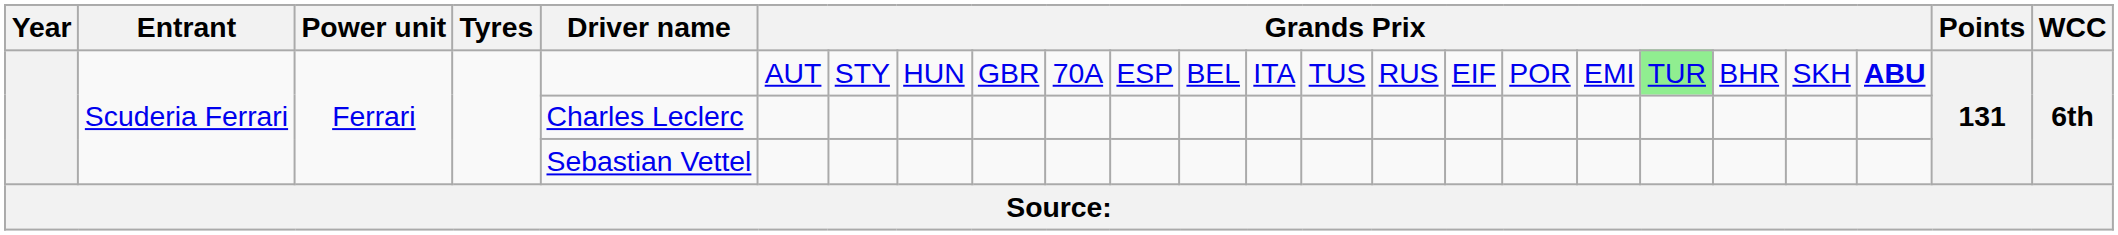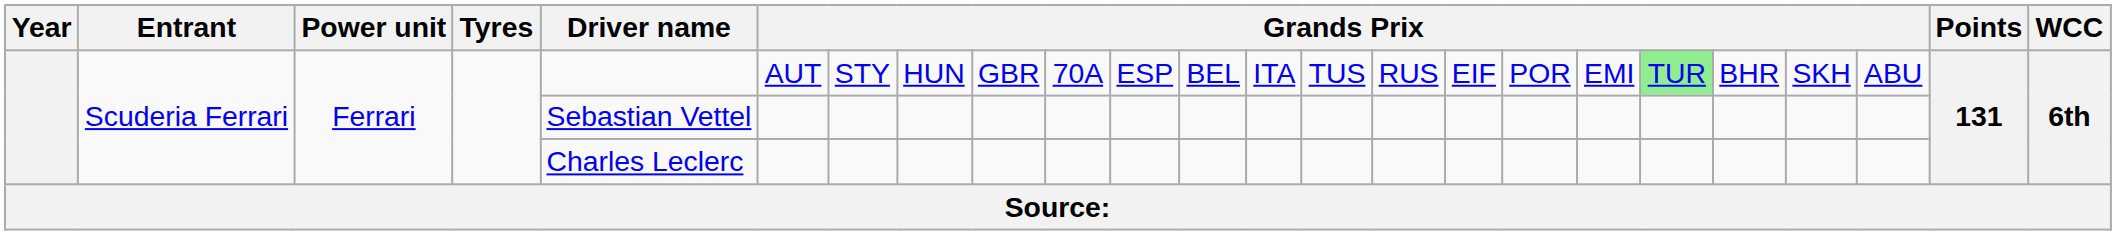 <table class="wikitable" style="text-align:center; font-size:90%">
 <tr>
 <th>Year</th>
 <th>Entrant</th>
 <th>Power unit</th>
 <th>Tyres</th>
 <th>Driver name</th>
 <th colspan="17">Grands Prix</th>
 <th>Points</th>
 <th>WCC</th>
 </tr>
 <tr>
 <th rowspan="3"></th>
 <td rowspan="3"><a href='#'>Scuderia Ferrari</a></td>
 <td rowspan="3"><a href='#'>Ferrari</a></td>
 <td rowspan="3"></td>
 <td></td>
 <td><a href='#'>AUT</a></td>
 <td><a href='#'>STY</a></td>
 <td><a href='#'>HUN</a></td>
 <td><a href='#'>GBR</a></td>
 <td><a href='#'>70A</a></td>
 <td><a href='#'>ESP</a></td>
 <td><a href='#'>BEL</a></td>
 <td><a href='#'>ITA</a></td>
 <td><a href='#'>TUS</a></td>
 <td><a href='#'>RUS</a></td>
 <td><a href='#'>EIF</a></td>
 <td><a href='#'>POR</a></td>
 <td><a href='#'>EMI</a></td>
 <td style="background: lightgreen;"><a href='#'>TUR</a></td>
 <td><a href='#'>BHR</a></td>
 <td><a href='#'>SKH</a></td>
-<td><strong><a href='#'>ABU</a></strong></td>
+<td><a href='#'>ABU</a></td>
 <th rowspan="3">131</th>
 <th rowspan="3">6th</th>
+</tr>
+<tr>
+<td align=left><a href='#'>Sebastian Vettel</a></td>
+<td></td>
+<td></td>
+<td></td>
+<td></td>
+<td></td>
+<td></td>
+<td></td>
+<td></td>
+<td></td>
+<td></td>
+<td></td>
+<td></td>
+<td></td>
+<td></td>
+<td></td>
+<td></td>
+<td></td>
 </tr>
 <tr>
 <td align=left><a href='#'>Charles Leclerc</a></td>
 <td></td>
 <td></td>
 <td></td>
 <td></td>
 <td></td>
 <td></td>
 <td></td>
 <td></td>
 <td></td>
 <td></td>
 <td></td>
 <td></td>
 <td></td>
 <td></td>
 <td></td>
 <td></td>
 <td></td>
 </tr>
 <tr>
-<td align=left><a href='#'>Sebastian Vettel</a></td>
-<td></td>
-<td></td>
-<td></td>
-<td></td>
-<td></td>
-<td></td>
-<td></td>
-<td></td>
-<td></td>
-<td></td>
-<td></td>
-<td></td>
-<td></td>
-<td></td>
-<td></td>
-<td></td>
-<td></td>
-</tr>
-<tr>
 <th colspan=24>Source:</th>
 </tr>
 </table>
